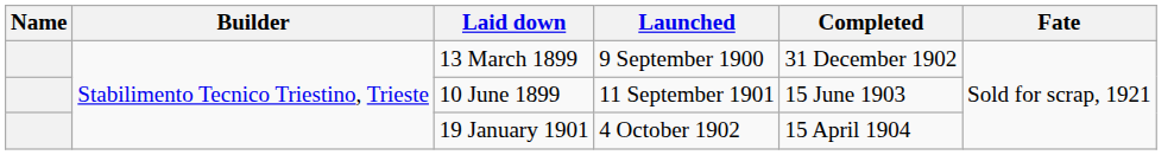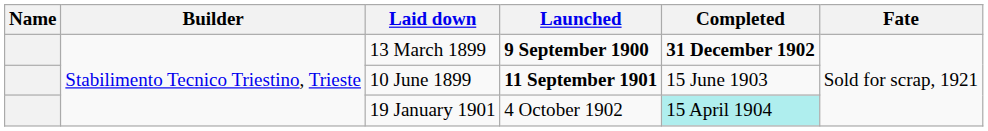 <table class="wikitable plainrowheaders">
 <tr>
 <th scope="col">Name</th>
 <th scope="col">Builder</th>
 <th scope="col"><a href='#'>Laid down</a></th>
 <th scope="col"><a href='#'>Launched</a></th>
 <th scope="col">Completed</th>
 <th scope="col">Fate</th>
 </tr>
 <tr>
 <th scope="row"></th>
 <td rowspan=3><a href='#'>Stabilimento Tecnico Triestino</a>, <a href='#'>Trieste</a></td>
 <td>13 March 1899</td>
-<td>9 September 1900</td>
-<td>31 December 1902</td>
+<td><strong>9 September 1900</strong></td>
+<td><strong>31 December 1902</strong></td>
 <td rowspan=3>Sold for scrap, 1921</td>
 </tr>
 <tr>
 <th scope="row"></th>
 <td>10 June 1899</td>
-<td>11 September 1901</td>
+<td><strong>11 September 1901</strong></td>
 <td>15 June 1903</td>
 </tr>
 <tr>
 <th scope="row"></th>
 <td>19 January 1901</td>
 <td>4 October 1902</td>
-<td>15 April 1904</td>
+<td style="background: paleturquoise;">15 April 1904</td>
 </tr>
 </table>
